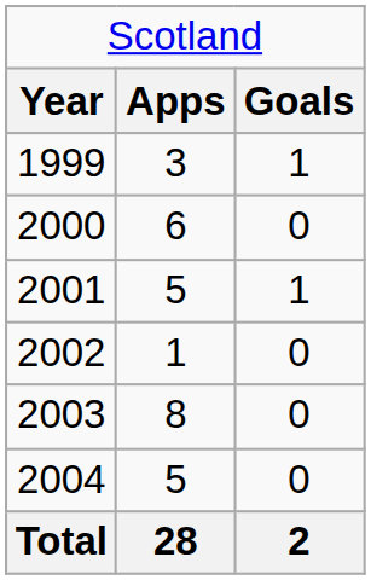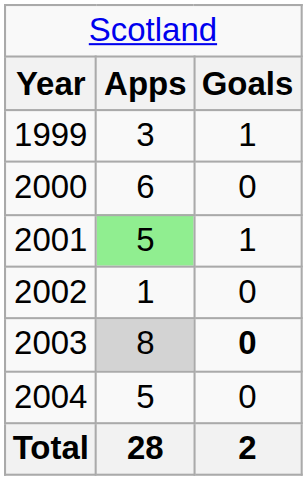 <table class="wikitable" style="text-align:center">
 <tr>
 <td colspan=3><a href='#'>Scotland</a></td>
 </tr>
 <tr>
 <th>Year</th>
 <th>Apps</th>
 <th>Goals</th>
 </tr>
 <tr>
 <td>1999</td>
 <td>3</td>
 <td>1</td>
 </tr>
 <tr>
 <td>2000</td>
 <td>6</td>
 <td>0</td>
 </tr>
 <tr>
 <td>2001</td>
-<td>5</td>
+<td style="background: lightgreen;">5</td>
 <td>1</td>
 </tr>
 <tr>
 <td>2002</td>
 <td>1</td>
 <td>0</td>
 </tr>
 <tr>
 <td>2003</td>
-<td>8</td>
-<td>0</td>
+<td style="background: lightgrey;">8</td>
+<td><strong>0</strong></td>
 </tr>
 <tr>
 <td>2004</td>
 <td>5</td>
 <td>0</td>
 </tr>
 <tr>
 <th>Total</th>
 <th>28</th>
 <th>2</th>
 </tr>
 </table>
